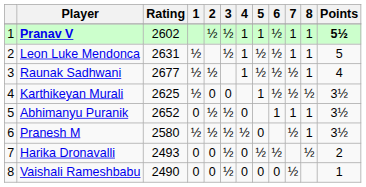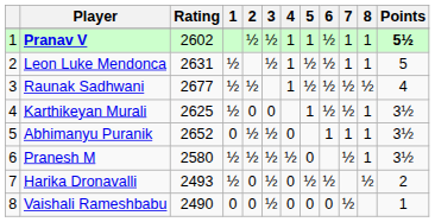 <table class="wikitable" style="text-align: center;">
 <tr>
 <th></th>
 <th>Player</th>
 <th>Rating</th>
 <th>1</th>
 <th>2</th>
 <th>3</th>
 <th>4</th>
 <th>5</th>
 <th>6</th>
 <th>7</th>
 <th>8</th>
 <th>Points</th>
 </tr>
 <tr>
 </tr>
 <tr style="background:#ccffcc">
 <td>1</td>
 <td align="left"><strong> <a href='#'>Pranav V</a></strong></td>
 <td>2602</td>
 <td></td>
 <td>½</td>
 <td>½</td>
 <td>1</td>
 <td>1</td>
 <td>½</td>
 <td>1</td>
 <td>1</td>
 <td><strong>5½</strong></td>
 </tr>
 <tr>
 <td>2</td>
 <td align="left"> <a href='#'>Leon Luke Mendonca</a></td>
 <td>2631</td>
 <td>½</td>
 <td></td>
 <td>½</td>
 <td>1</td>
 <td>½</td>
 <td>½</td>
 <td>1</td>
 <td>1</td>
 <td>5</td>
 </tr>
 <tr>
 <td>3</td>
 <td align="left"> <a href='#'>Raunak Sadhwani</a></td>
 <td>2677</td>
 <td>½</td>
 <td>½</td>
 <td></td>
 <td>1</td>
 <td>½</td>
 <td>½</td>
 <td>½</td>
-<td>1</td>
+<td>½</td>
 <td>4</td>
 </tr>
 <tr>
 <td>4</td>
 <td align="left"> <a href='#'>Karthikeyan Murali</a></td>
 <td>2625</td>
 <td>½</td>
 <td>0</td>
 <td>0</td>
 <td></td>
 <td>1</td>
 <td>½</td>
 <td>½</td>
-<td>½</td>
+<td>1</td>
 <td>3½</td>
 </tr>
 <tr>
 <td>5</td>
 <td align="left"> <a href='#'>Abhimanyu Puranik</a></td>
 <td>2652</td>
 <td>0</td>
 <td>½</td>
 <td>½</td>
 <td>0</td>
 <td></td>
 <td>1</td>
 <td>1</td>
 <td>1</td>
 <td>3½</td>
 </tr>
 <tr>
 <td>6</td>
 <td align="left"> <a href='#'>Pranesh M</a></td>
 <td>2580</td>
 <td>½</td>
 <td>½</td>
 <td>½</td>
 <td>½</td>
 <td>0</td>
 <td></td>
 <td>½</td>
 <td>1</td>
 <td>3½</td>
 </tr>
 <tr>
 <td>7</td>
 <td align="left"> <a href='#'>Harika Dronavalli</a></td>
 <td>2493</td>
-<td>0</td>
+<td>½</td>
 <td>0</td>
 <td>½</td>
 <td>0</td>
 <td>½</td>
 <td>½</td>
 <td></td>
 <td>½</td>
 <td>2</td>
 </tr>
 <tr>
 <td>8</td>
 <td align="left"> <a href='#'>Vaishali Rameshbabu</a></td>
 <td>2490</td>
 <td>0</td>
 <td>0</td>
 <td>½</td>
 <td>0</td>
 <td>0</td>
 <td>0</td>
 <td>½</td>
 <td></td>
 <td>1</td>
 </tr>
 </table>
